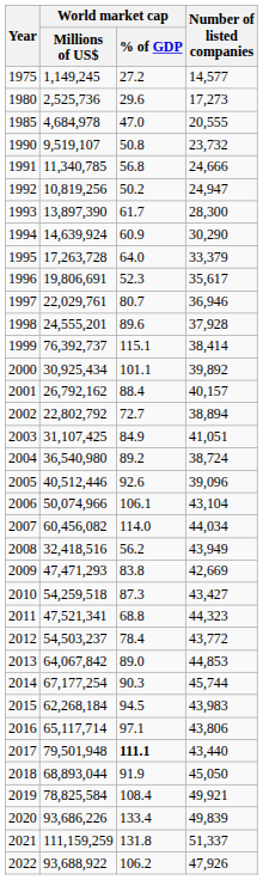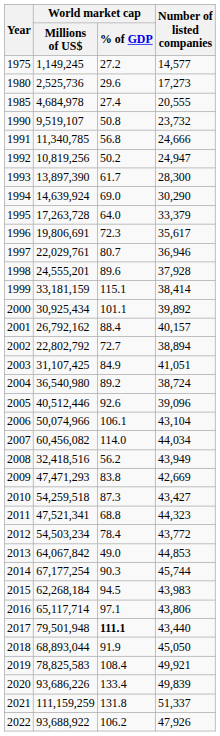 <table class="wikitable sortable">
 <tr>
 <th rowspan=2>Year</th>
 <th colspan=2>World market cap</th>
 <th rowspan=2>Number of<br>listed<br>companies</th>
 </tr>
 <tr>
 <th>Millions<br>of US$</th>
 <th>% of <a href='#'>GDP</a></th>
 </tr>
 <tr>
 <td>1975</td>
 <td>1,149,245</td>
 <td>27.2</td>
 <td>14,577</td>
 </tr>
 <tr>
 <td>1980</td>
 <td>2,525,736</td>
 <td>29.6</td>
 <td>17,273</td>
 </tr>
 <tr>
 <td>1985</td>
 <td>4,684,978</td>
-<td>47.0</td>
+<td>27.4</td>
 <td>20,555</td>
 </tr>
 <tr>
 <td>1990</td>
 <td>9,519,107</td>
 <td>50.8</td>
 <td>23,732</td>
 </tr>
 <tr>
 <td>1991</td>
 <td>11,340,785</td>
 <td>56.8</td>
 <td>24,666</td>
 </tr>
 <tr>
 <td>1992</td>
 <td>10,819,256</td>
 <td>50.2</td>
 <td>24,947</td>
 </tr>
 <tr>
 <td>1993</td>
 <td>13,897,390</td>
 <td>61.7</td>
 <td>28,300</td>
 </tr>
 <tr>
 <td>1994</td>
 <td>14,639,924</td>
-<td>60.9</td>
+<td>69.0</td>
 <td>30,290</td>
 </tr>
 <tr>
 <td>1995</td>
 <td>17,263,728</td>
 <td>64.0</td>
 <td>33,379</td>
 </tr>
 <tr>
 <td>1996</td>
 <td>19,806,691</td>
-<td>52.3</td>
+<td>72.3</td>
 <td>35,617</td>
 </tr>
 <tr>
 <td>1997</td>
 <td>22,029,761</td>
 <td>80.7</td>
 <td>36,946</td>
 </tr>
 <tr>
 <td>1998</td>
 <td>24,555,201</td>
 <td>89.6</td>
 <td>37,928</td>
 </tr>
 <tr>
 <td>1999</td>
-<td>76,392,737</td>
+<td>33,181,159</td>
 <td>115.1</td>
 <td>38,414</td>
 </tr>
 <tr>
 <td>2000</td>
 <td>30,925,434</td>
 <td>101.1</td>
 <td>39,892</td>
 </tr>
 <tr>
 <td>2001</td>
 <td>26,792,162</td>
 <td>88.4</td>
 <td>40,157</td>
 </tr>
 <tr>
 <td>2002</td>
 <td>22,802,792</td>
 <td>72.7</td>
 <td>38,894</td>
 </tr>
 <tr>
 <td>2003</td>
 <td>31,107,425</td>
 <td>84.9</td>
 <td>41,051</td>
 </tr>
 <tr>
 <td>2004</td>
 <td>36,540,980</td>
 <td>89.2</td>
 <td>38,724</td>
 </tr>
 <tr>
 <td>2005</td>
 <td>40,512,446</td>
 <td>92.6</td>
 <td>39,096</td>
 </tr>
 <tr>
 <td>2006</td>
 <td>50,074,966</td>
 <td>106.1</td>
 <td>43,104</td>
 </tr>
 <tr>
 <td>2007</td>
 <td>60,456,082</td>
 <td>114.0</td>
 <td>44,034</td>
 </tr>
 <tr>
 <td>2008</td>
 <td>32,418,516</td>
 <td>56.2</td>
 <td>43,949</td>
 </tr>
 <tr>
 <td>2009</td>
 <td>47,471,293</td>
 <td>83.8</td>
 <td>42,669</td>
 </tr>
 <tr>
 <td>2010</td>
 <td>54,259,518</td>
 <td>87.3</td>
 <td>43,427</td>
 </tr>
 <tr>
 <td>2011</td>
 <td>47,521,341</td>
 <td>68.8</td>
 <td>44,323</td>
 </tr>
 <tr>
 <td>2012</td>
-<td>54,503,237</td>
+<td>54,503,234</td>
 <td>78.4</td>
 <td>43,772</td>
 </tr>
 <tr>
 <td>2013</td>
 <td>64,067,842</td>
-<td>89.0</td>
+<td>49.0</td>
 <td>44,853</td>
 </tr>
 <tr>
 <td>2014</td>
 <td>67,177,254</td>
 <td>90.3</td>
 <td>45,744</td>
 </tr>
 <tr>
 <td>2015</td>
 <td>62,268,184</td>
 <td>94.5</td>
 <td>43,983</td>
 </tr>
 <tr>
 <td>2016</td>
 <td>65,117,714</td>
 <td>97.1</td>
 <td>43,806</td>
 </tr>
 <tr>
 <td>2017</td>
 <td>79,501,948</td>
 <td><strong>111.1</strong></td>
 <td>43,440</td>
 </tr>
 <tr>
 <td>2018</td>
 <td>68,893,044</td>
 <td>91.9</td>
 <td>45,050</td>
 </tr>
 <tr>
 <td>2019</td>
-<td>78,825,584</td>
+<td>78,825,583</td>
 <td>108.4</td>
 <td>49,921</td>
 </tr>
 <tr>
 <td>2020</td>
 <td>93,686,226</td>
 <td>133.4</td>
 <td>49,839</td>
 </tr>
 <tr>
 <td>2021</td>
 <td>111,159,259</td>
 <td>131.8</td>
 <td>51,337</td>
 </tr>
 <tr>
 <td>2022</td>
 <td>93,688,922</td>
 <td>106.2</td>
 <td>47,926</td>
 </tr>
 </table>
